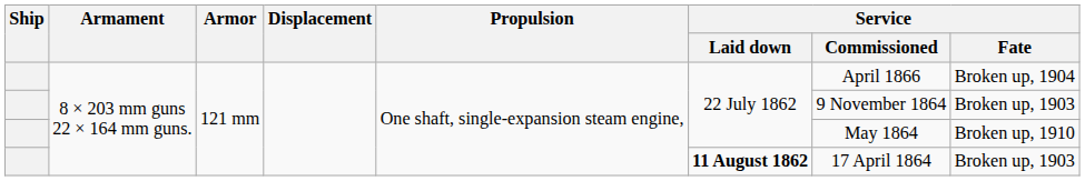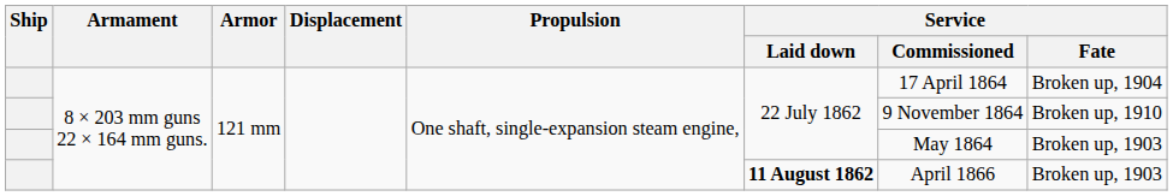 <table class="wikitable plainrowheaders" style="text-align: center;">
 <tr valign="top">
 <th scope="col" rowspan="2">Ship</th>
 <th scope="col" rowspan="2">Armament</th>
 <th scope="col" rowspan="2">Armor</th>
 <th scope="col" rowspan="2">Displacement</th>
 <th scope="col" rowspan="2">Propulsion</th>
 <th scope="col" colspan="3">Service</th>
 </tr>
 <tr valign="top">
 <th scope="col">Laid down</th>
 <th scope="col">Commissioned</th>
 <th scope="col">Fate</th>
 </tr>
 <tr valign="center">
 <th scope="row"></th>
 <td rowspan="4">8 × 203 mm guns<br>22 × 164 mm guns.</td>
 <td rowspan="4">121 mm</td>
 <td rowspan="4"></td>
 <td rowspan="4">One shaft, single-expansion steam engine, </td>
 <td rowspan="3">22 July 1862</td>
-<td>April 1866</td>
+<td>17 April 1864</td>
 <td>Broken up, 1904</td>
 </tr>
 <tr valign="center">
 <th scope="row"></th>
 <td>9 November 1864</td>
+<td>Broken up, 1910</td>
+</tr>
+<tr valign="center">
+<th scope="row"></th>
+<td>May 1864</td>
 <td>Broken up, 1903</td>
 </tr>
 <tr valign="center">
 <th scope="row"></th>
-<td>May 1864</td>
-<td>Broken up, 1910</td>
-</tr>
-<tr valign="center">
-<th scope="row"></th>
 <td><strong>11 August 1862</strong></td>
-<td>17 April 1864</td>
+<td>April 1866</td>
 <td>Broken up, 1903</td>
 </tr>
 </table>
